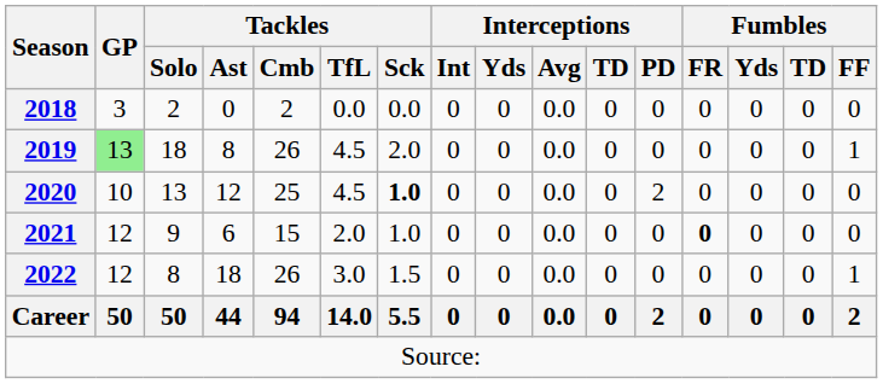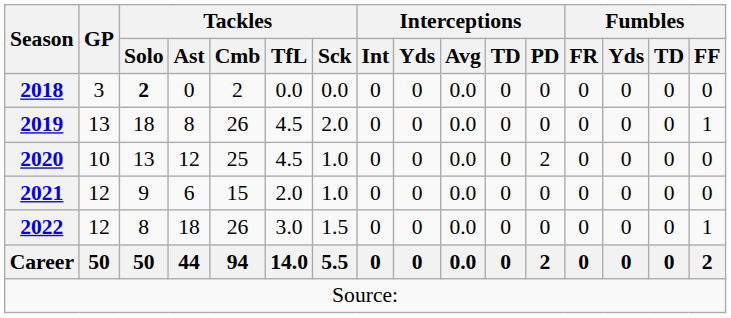 <table class="wikitable" style="text-align:center;">
 <tr>
 <th rowspan="2">Season</th>
 <th rowspan="2">GP</th>
 <th colspan="5">Tackles</th>
 <th colspan="5">Interceptions</th>
 <th colspan="4">Fumbles</th>
 </tr>
 <tr>
 <th>Solo</th>
 <th>Ast</th>
 <th>Cmb</th>
 <th>TfL</th>
 <th>Sck</th>
 <th>Int</th>
 <th>Yds</th>
 <th>Avg</th>
 <th>TD</th>
 <th>PD</th>
 <th>FR</th>
 <th>Yds</th>
 <th>TD</th>
 <th>FF</th>
 </tr>
 <tr>
 <th><a href='#'>2018</a></th>
 <td>3</td>
-<td>2</td>
+<td><strong>2</strong></td>
 <td>0</td>
 <td>2</td>
 <td>0.0</td>
 <td>0.0</td>
 <td>0</td>
 <td>0</td>
 <td>0.0</td>
 <td>0</td>
 <td>0</td>
 <td>0</td>
 <td>0</td>
 <td>0</td>
 <td>0</td>
 </tr>
 <tr>
 <th><a href='#'>2019</a></th>
-<td style="background: lightgreen;">13</td>
+<td>13</td>
 <td>18</td>
 <td>8</td>
 <td>26</td>
 <td>4.5</td>
 <td>2.0</td>
 <td>0</td>
 <td>0</td>
 <td>0.0</td>
 <td>0</td>
 <td>0</td>
 <td>0</td>
 <td>0</td>
 <td>0</td>
 <td>1</td>
 </tr>
 <tr>
 <th><a href='#'>2020</a></th>
 <td>10</td>
 <td>13</td>
 <td>12</td>
 <td>25</td>
 <td>4.5</td>
-<td><strong>1.0</strong></td>
+<td>1.0</td>
 <td>0</td>
 <td>0</td>
 <td>0.0</td>
 <td>0</td>
 <td>2</td>
 <td>0</td>
 <td>0</td>
 <td>0</td>
 <td>0</td>
 </tr>
 <tr>
 <th><a href='#'>2021</a></th>
 <td>12</td>
 <td>9</td>
 <td>6</td>
 <td>15</td>
 <td>2.0</td>
 <td>1.0</td>
 <td>0</td>
 <td>0</td>
 <td>0.0</td>
 <td>0</td>
 <td>0</td>
-<td><strong>0</strong></td>
+<td>0</td>
 <td>0</td>
 <td>0</td>
 <td>0</td>
 </tr>
 <tr>
 <th><a href='#'>2022</a></th>
 <td>12</td>
 <td>8</td>
 <td>18</td>
 <td>26</td>
 <td>3.0</td>
 <td>1.5</td>
 <td>0</td>
 <td>0</td>
 <td>0.0</td>
 <td>0</td>
 <td>0</td>
 <td>0</td>
 <td>0</td>
 <td>0</td>
 <td>1</td>
 </tr>
 <tr>
 <th>Career</th>
 <th>50</th>
 <th>50</th>
 <th>44</th>
 <th>94</th>
 <th>14.0</th>
 <th>5.5</th>
 <th>0</th>
 <th>0</th>
 <th>0.0</th>
 <th>0</th>
 <th>2</th>
 <th>0</th>
 <th>0</th>
 <th>0</th>
 <th>2</th>
 </tr>
 <tr>
 <td colspan="16">Source:</td>
 </tr>
 </table>
